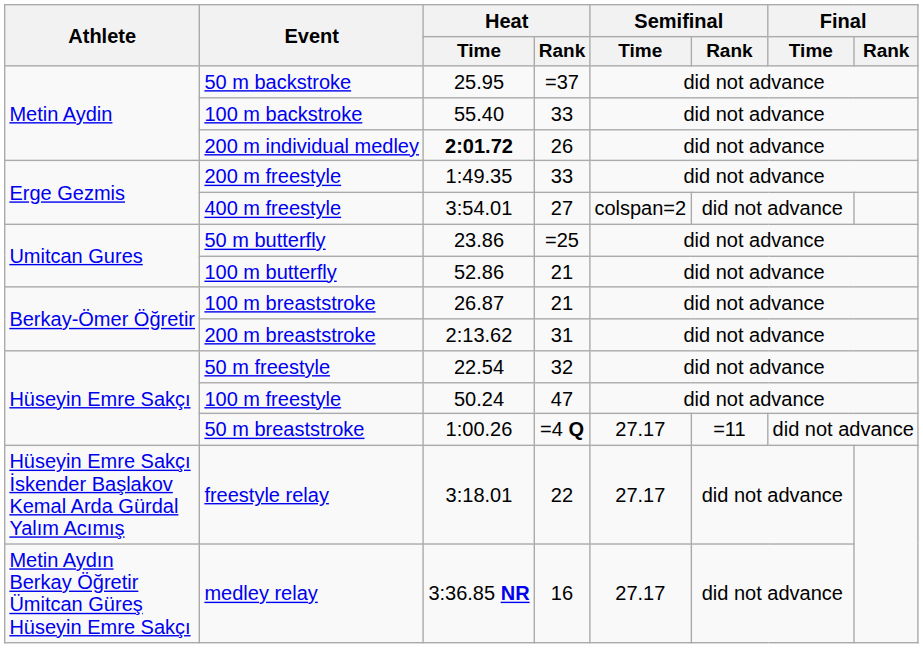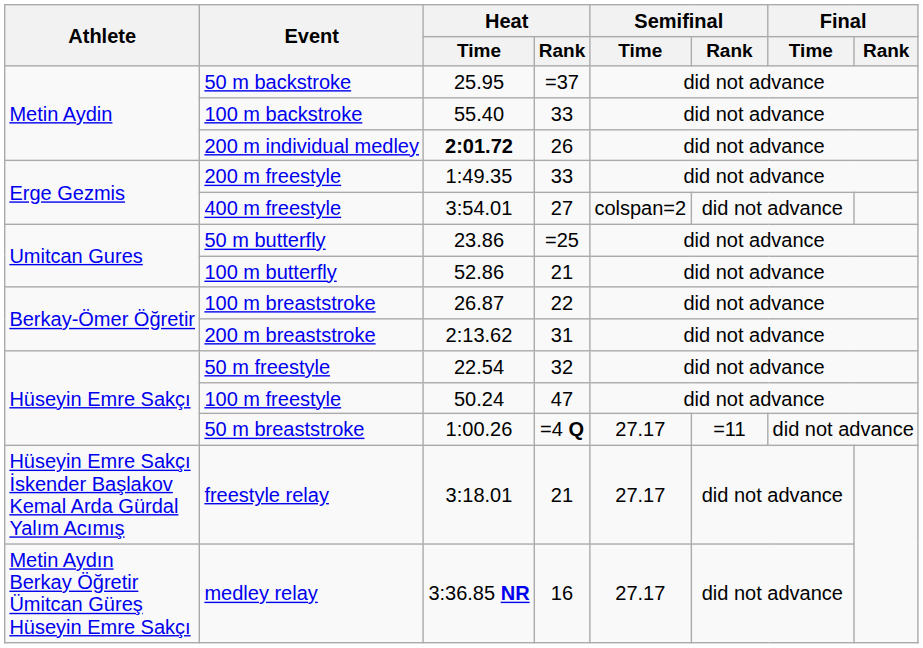 <table class="wikitable" style="text-align:center; font-size:90%">
 <tr>
 <th rowspan="2">Athlete</th>
 <th rowspan="2">Event</th>
 <th colspan="2">Heat</th>
 <th colspan="2">Semifinal</th>
 <th colspan="2">Final</th>
 </tr>
 <tr style="font-size:95%">
 <th>Time</th>
 <th>Rank</th>
 <th>Time</th>
 <th>Rank</th>
 <th>Time</th>
 <th>Rank</th>
 </tr>
 <tr>
 <td align=left rowspan=3><a href='#'>Metin Aydin</a></td>
 <td align=left><a href='#'>50 m backstroke</a></td>
 <td>25.95</td>
 <td>=37</td>
 <td colspan=4>did not advance</td>
 </tr>
 <tr>
 <td align=left><a href='#'>100 m backstroke</a></td>
 <td>55.40</td>
 <td>33</td>
 <td colspan=4>did not advance</td>
 </tr>
 <tr>
 <td align=left><a href='#'>200 m individual medley</a></td>
 <td><strong>2:01.72</strong></td>
 <td>26</td>
 <td colspan=4>did not advance</td>
 </tr>
 <tr>
 <td align=left rowspan=2><a href='#'>Erge Gezmis</a></td>
 <td align=left><a href='#'>200 m freestyle</a></td>
 <td>1:49.35</td>
 <td>33</td>
 <td colspan=4>did not advance</td>
 </tr>
 <tr>
 <td align=left><a href='#'>400 m freestyle</a></td>
 <td>3:54.01</td>
 <td>27</td>
 <td>colspan=2 </td>
 <td colspan=2>did not advance</td>
 </tr>
 <tr>
 <td align=left rowspan=2><a href='#'>Umitcan Gures</a></td>
 <td align=left><a href='#'>50 m butterfly</a></td>
 <td>23.86</td>
 <td>=25</td>
 <td colspan=4>did not advance</td>
 </tr>
 <tr>
 <td align=left><a href='#'>100 m butterfly</a></td>
 <td>52.86</td>
 <td>21</td>
 <td colspan=4>did not advance</td>
 </tr>
 <tr>
 <td align=left rowspan=2><a href='#'>Berkay-Ömer Öğretir</a></td>
 <td align=left><a href='#'>100 m breaststroke</a></td>
 <td>26.87</td>
-<td>21</td>
+<td>22</td>
 <td colspan=4>did not advance</td>
 </tr>
 <tr>
 <td align=left><a href='#'>200 m breaststroke</a></td>
 <td>2:13.62</td>
 <td>31</td>
 <td colspan=4>did not advance</td>
 </tr>
 <tr>
 <td align=left rowspan=3><a href='#'>Hüseyin Emre Sakçı</a></td>
 <td align=left><a href='#'>50 m freestyle</a></td>
 <td>22.54</td>
 <td>32</td>
 <td colspan=4>did not advance</td>
 </tr>
 <tr>
 <td align=left><a href='#'>100 m freestyle</a></td>
 <td>50.24</td>
 <td>47</td>
 <td colspan=4>did not advance</td>
 </tr>
 <tr>
 <td align=left><a href='#'>50 m breaststroke</a></td>
 <td>1:00.26</td>
 <td>=4 <strong>Q</strong></td>
 <td>27.17</td>
 <td>=11</td>
 <td colspan=2>did not advance</td>
 </tr>
 <tr>
 <td align=left><a href='#'>Hüseyin Emre Sakçı</a><br><a href='#'>İskender Başlakov</a><br><a href='#'>Kemal Arda Gürdal</a><br><a href='#'>Yalım Acımış</a></td>
 <td align=left><a href='#'> freestyle relay</a></td>
 <td>3:18.01</td>
-<td>22</td>
+<td>21</td>
 <td>27.17</td>
 <td colspan=2>did not advance</td>
 </tr>
 <tr>
 <td align=left><a href='#'>Metin Aydın</a><br><a href='#'>Berkay Öğretir</a><br><a href='#'>Ümitcan Güreş</a><br><a href='#'>Hüseyin Emre Sakçı</a></td>
 <td align=left><a href='#'> medley relay</a></td>
 <td>3:36.85 <strong><a href='#'>NR</a></strong></td>
 <td>16</td>
 <td>27.17</td>
 <td colspan=2>did not advance</td>
 </tr>
 </table>
